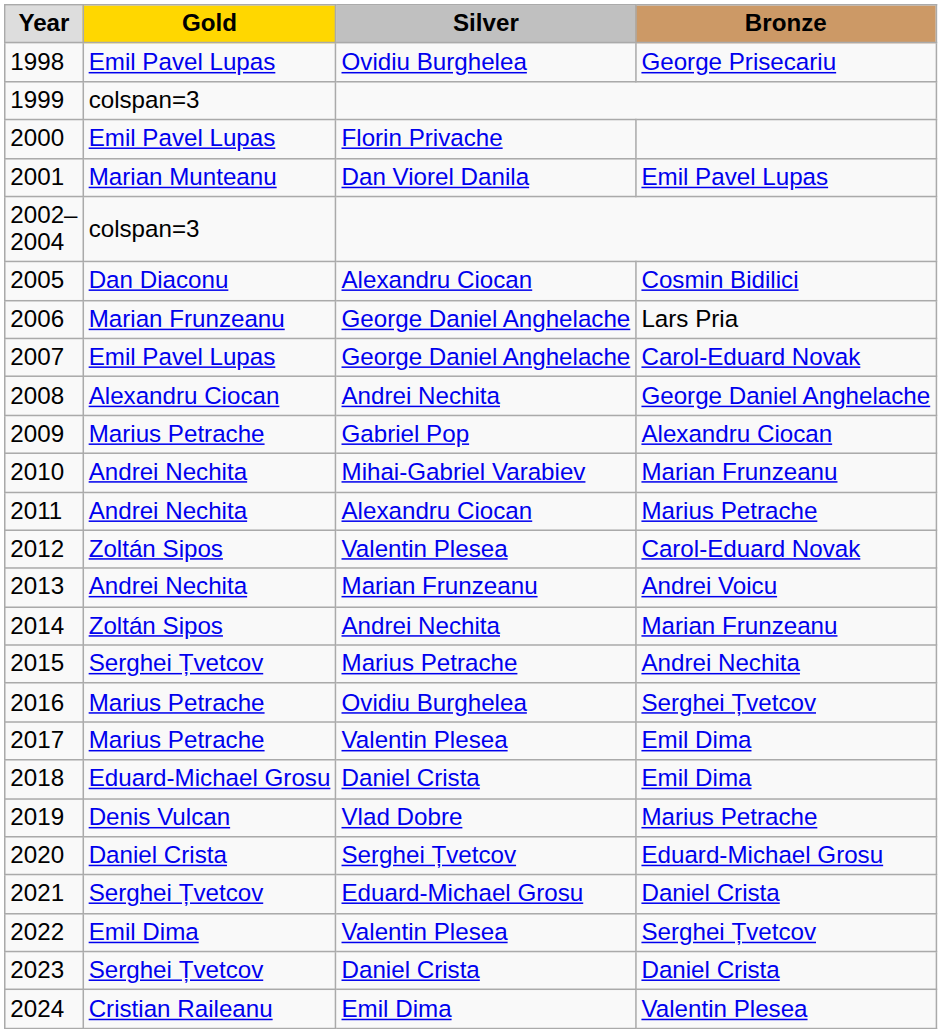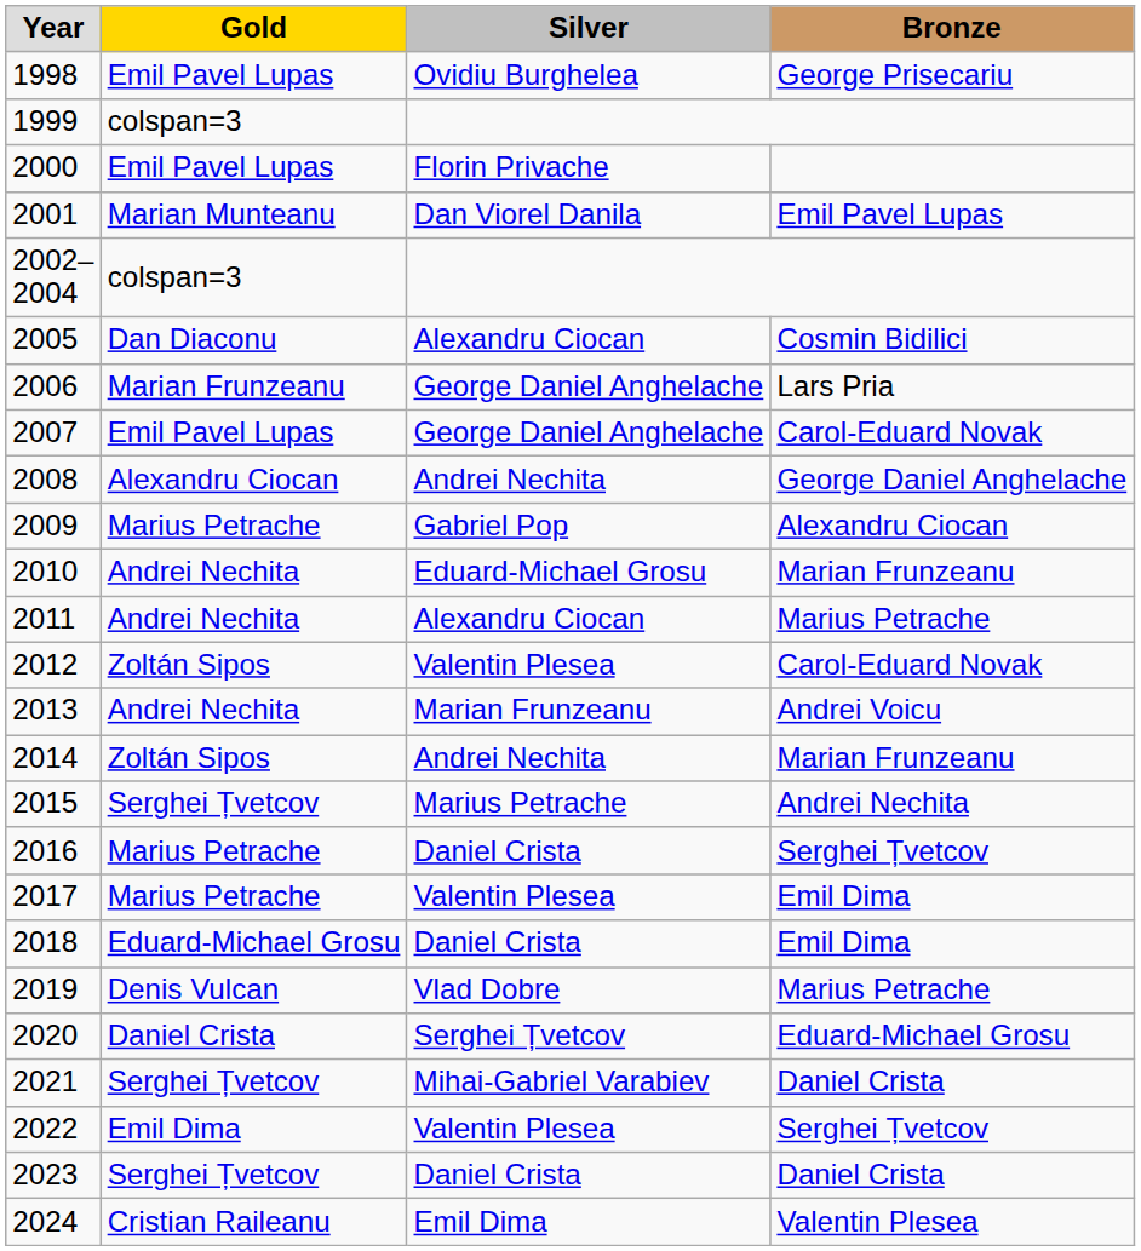 <table class="wikitable" style="text-align:left;">
 <tr>
 <td style="background:#DDDDDD; font-weight:bold; text-align:center;">Year</td>
 <td style="background:gold; font-weight:bold; text-align:center;">Gold</td>
 <td style="background:silver; font-weight:bold; text-align:center;">Silver</td>
 <td style="background:#cc9966; font-weight:bold; text-align:center;">Bronze</td>
 </tr>
 <tr>
 <td>1998</td>
 <td><a href='#'>Emil Pavel Lupas</a></td>
 <td><a href='#'>Ovidiu Burghelea</a></td>
 <td><a href='#'>George Prisecariu</a></td>
 </tr>
 <tr>
 <td>1999</td>
 <td>colspan=3 </td>
 </tr>
 <tr>
 <td>2000</td>
 <td><a href='#'>Emil Pavel Lupas</a></td>
 <td><a href='#'>Florin Privache</a></td>
 <td></td>
 </tr>
 <tr>
 <td>2001</td>
 <td><a href='#'>Marian Munteanu</a></td>
 <td><a href='#'>Dan Viorel Danila</a></td>
 <td><a href='#'>Emil Pavel Lupas</a></td>
 </tr>
 <tr>
 <td>2002–<br>2004</td>
 <td>colspan=3 </td>
 </tr>
 <tr>
 <td>2005</td>
 <td><a href='#'>Dan Diaconu</a></td>
 <td><a href='#'>Alexandru Ciocan</a></td>
 <td><a href='#'>Cosmin Bidilici</a></td>
 </tr>
 <tr>
 <td>2006</td>
 <td><a href='#'>Marian Frunzeanu</a></td>
 <td><a href='#'>George Daniel Anghelache</a></td>
 <td>Lars Pria</td>
 </tr>
 <tr>
 <td>2007</td>
 <td><a href='#'>Emil Pavel Lupas</a></td>
 <td><a href='#'>George Daniel Anghelache</a></td>
 <td><a href='#'>Carol-Eduard Novak</a></td>
 </tr>
 <tr>
 <td>2008</td>
 <td><a href='#'>Alexandru Ciocan</a></td>
 <td><a href='#'>Andrei Nechita</a></td>
 <td><a href='#'>George Daniel Anghelache</a></td>
 </tr>
 <tr>
 <td>2009</td>
 <td><a href='#'>Marius Petrache</a></td>
 <td><a href='#'>Gabriel Pop</a></td>
 <td><a href='#'>Alexandru Ciocan</a></td>
 </tr>
 <tr>
 <td>2010</td>
 <td><a href='#'>Andrei Nechita</a></td>
-<td><a href='#'>Mihai-Gabriel Varabiev</a></td>
+<td><a href='#'>Eduard-Michael Grosu</a></td>
 <td><a href='#'>Marian Frunzeanu</a></td>
 </tr>
 <tr>
 <td>2011</td>
 <td><a href='#'>Andrei Nechita</a></td>
 <td><a href='#'>Alexandru Ciocan</a></td>
 <td><a href='#'>Marius Petrache</a></td>
 </tr>
 <tr>
 <td>2012</td>
 <td><a href='#'>Zoltán Sipos</a></td>
 <td><a href='#'>Valentin Plesea</a></td>
 <td><a href='#'>Carol-Eduard Novak</a></td>
 </tr>
 <tr>
 <td>2013</td>
 <td><a href='#'>Andrei Nechita</a></td>
 <td><a href='#'>Marian Frunzeanu</a></td>
 <td><a href='#'>Andrei Voicu</a></td>
 </tr>
 <tr>
 <td>2014</td>
 <td><a href='#'>Zoltán Sipos</a></td>
 <td><a href='#'>Andrei Nechita</a></td>
 <td><a href='#'>Marian Frunzeanu</a></td>
 </tr>
 <tr>
 <td>2015</td>
 <td><a href='#'>Serghei Țvetcov</a></td>
 <td><a href='#'>Marius Petrache</a></td>
 <td><a href='#'>Andrei Nechita</a></td>
 </tr>
 <tr>
 <td>2016</td>
 <td><a href='#'>Marius Petrache</a></td>
-<td><a href='#'>Ovidiu Burghelea</a></td>
+<td><a href='#'>Daniel Crista</a></td>
 <td><a href='#'>Serghei Țvetcov</a></td>
 </tr>
 <tr>
 <td>2017</td>
 <td><a href='#'>Marius Petrache</a></td>
 <td><a href='#'>Valentin Plesea</a></td>
 <td><a href='#'>Emil Dima</a></td>
 </tr>
 <tr>
 <td>2018</td>
 <td><a href='#'>Eduard-Michael Grosu</a></td>
 <td><a href='#'>Daniel Crista</a></td>
 <td><a href='#'>Emil Dima</a></td>
 </tr>
 <tr>
 <td>2019</td>
 <td><a href='#'>Denis Vulcan</a></td>
 <td><a href='#'>Vlad Dobre</a></td>
 <td><a href='#'>Marius Petrache</a></td>
 </tr>
 <tr>
 <td>2020</td>
 <td><a href='#'>Daniel Crista</a></td>
 <td><a href='#'>Serghei Țvetcov</a></td>
 <td><a href='#'>Eduard-Michael Grosu</a></td>
 </tr>
 <tr>
 <td>2021</td>
 <td><a href='#'>Serghei Țvetcov</a></td>
-<td><a href='#'>Eduard-Michael Grosu</a></td>
+<td><a href='#'>Mihai-Gabriel Varabiev</a></td>
 <td><a href='#'>Daniel Crista</a></td>
 </tr>
 <tr>
 <td>2022</td>
 <td><a href='#'>Emil Dima</a></td>
 <td><a href='#'>Valentin Plesea</a></td>
 <td><a href='#'>Serghei Țvetcov</a></td>
 </tr>
 <tr>
 <td>2023</td>
 <td><a href='#'>Serghei Țvetcov</a></td>
 <td><a href='#'>Daniel Crista</a></td>
 <td><a href='#'>Daniel Crista</a></td>
 </tr>
 <tr>
 <td>2024</td>
 <td><a href='#'>Cristian Raileanu</a></td>
 <td><a href='#'>Emil Dima</a></td>
 <td><a href='#'>Valentin Plesea</a></td>
 </tr>
 </table>
